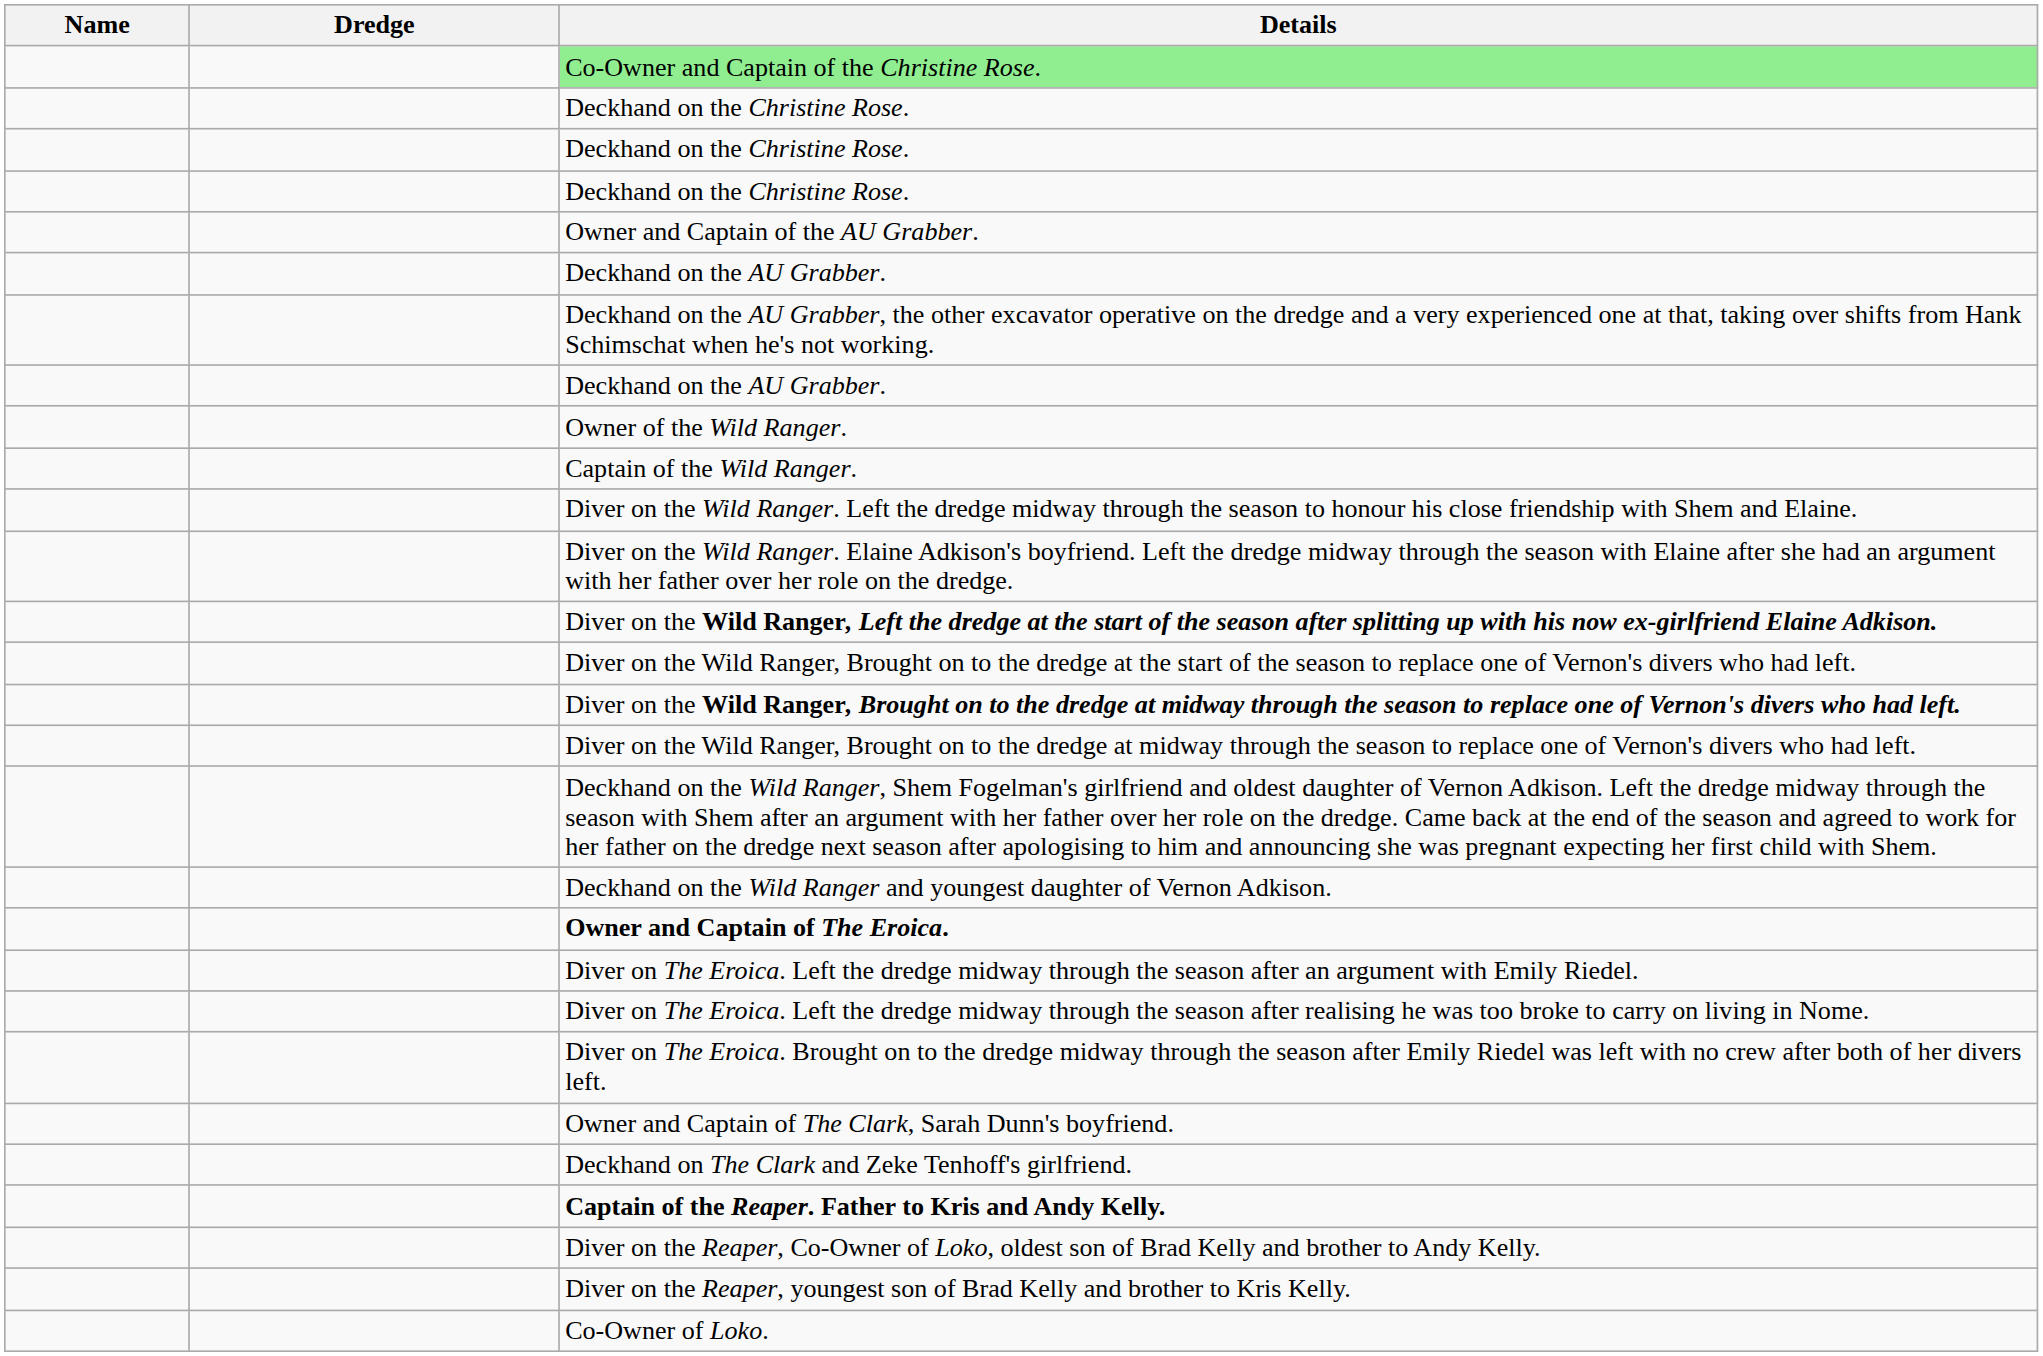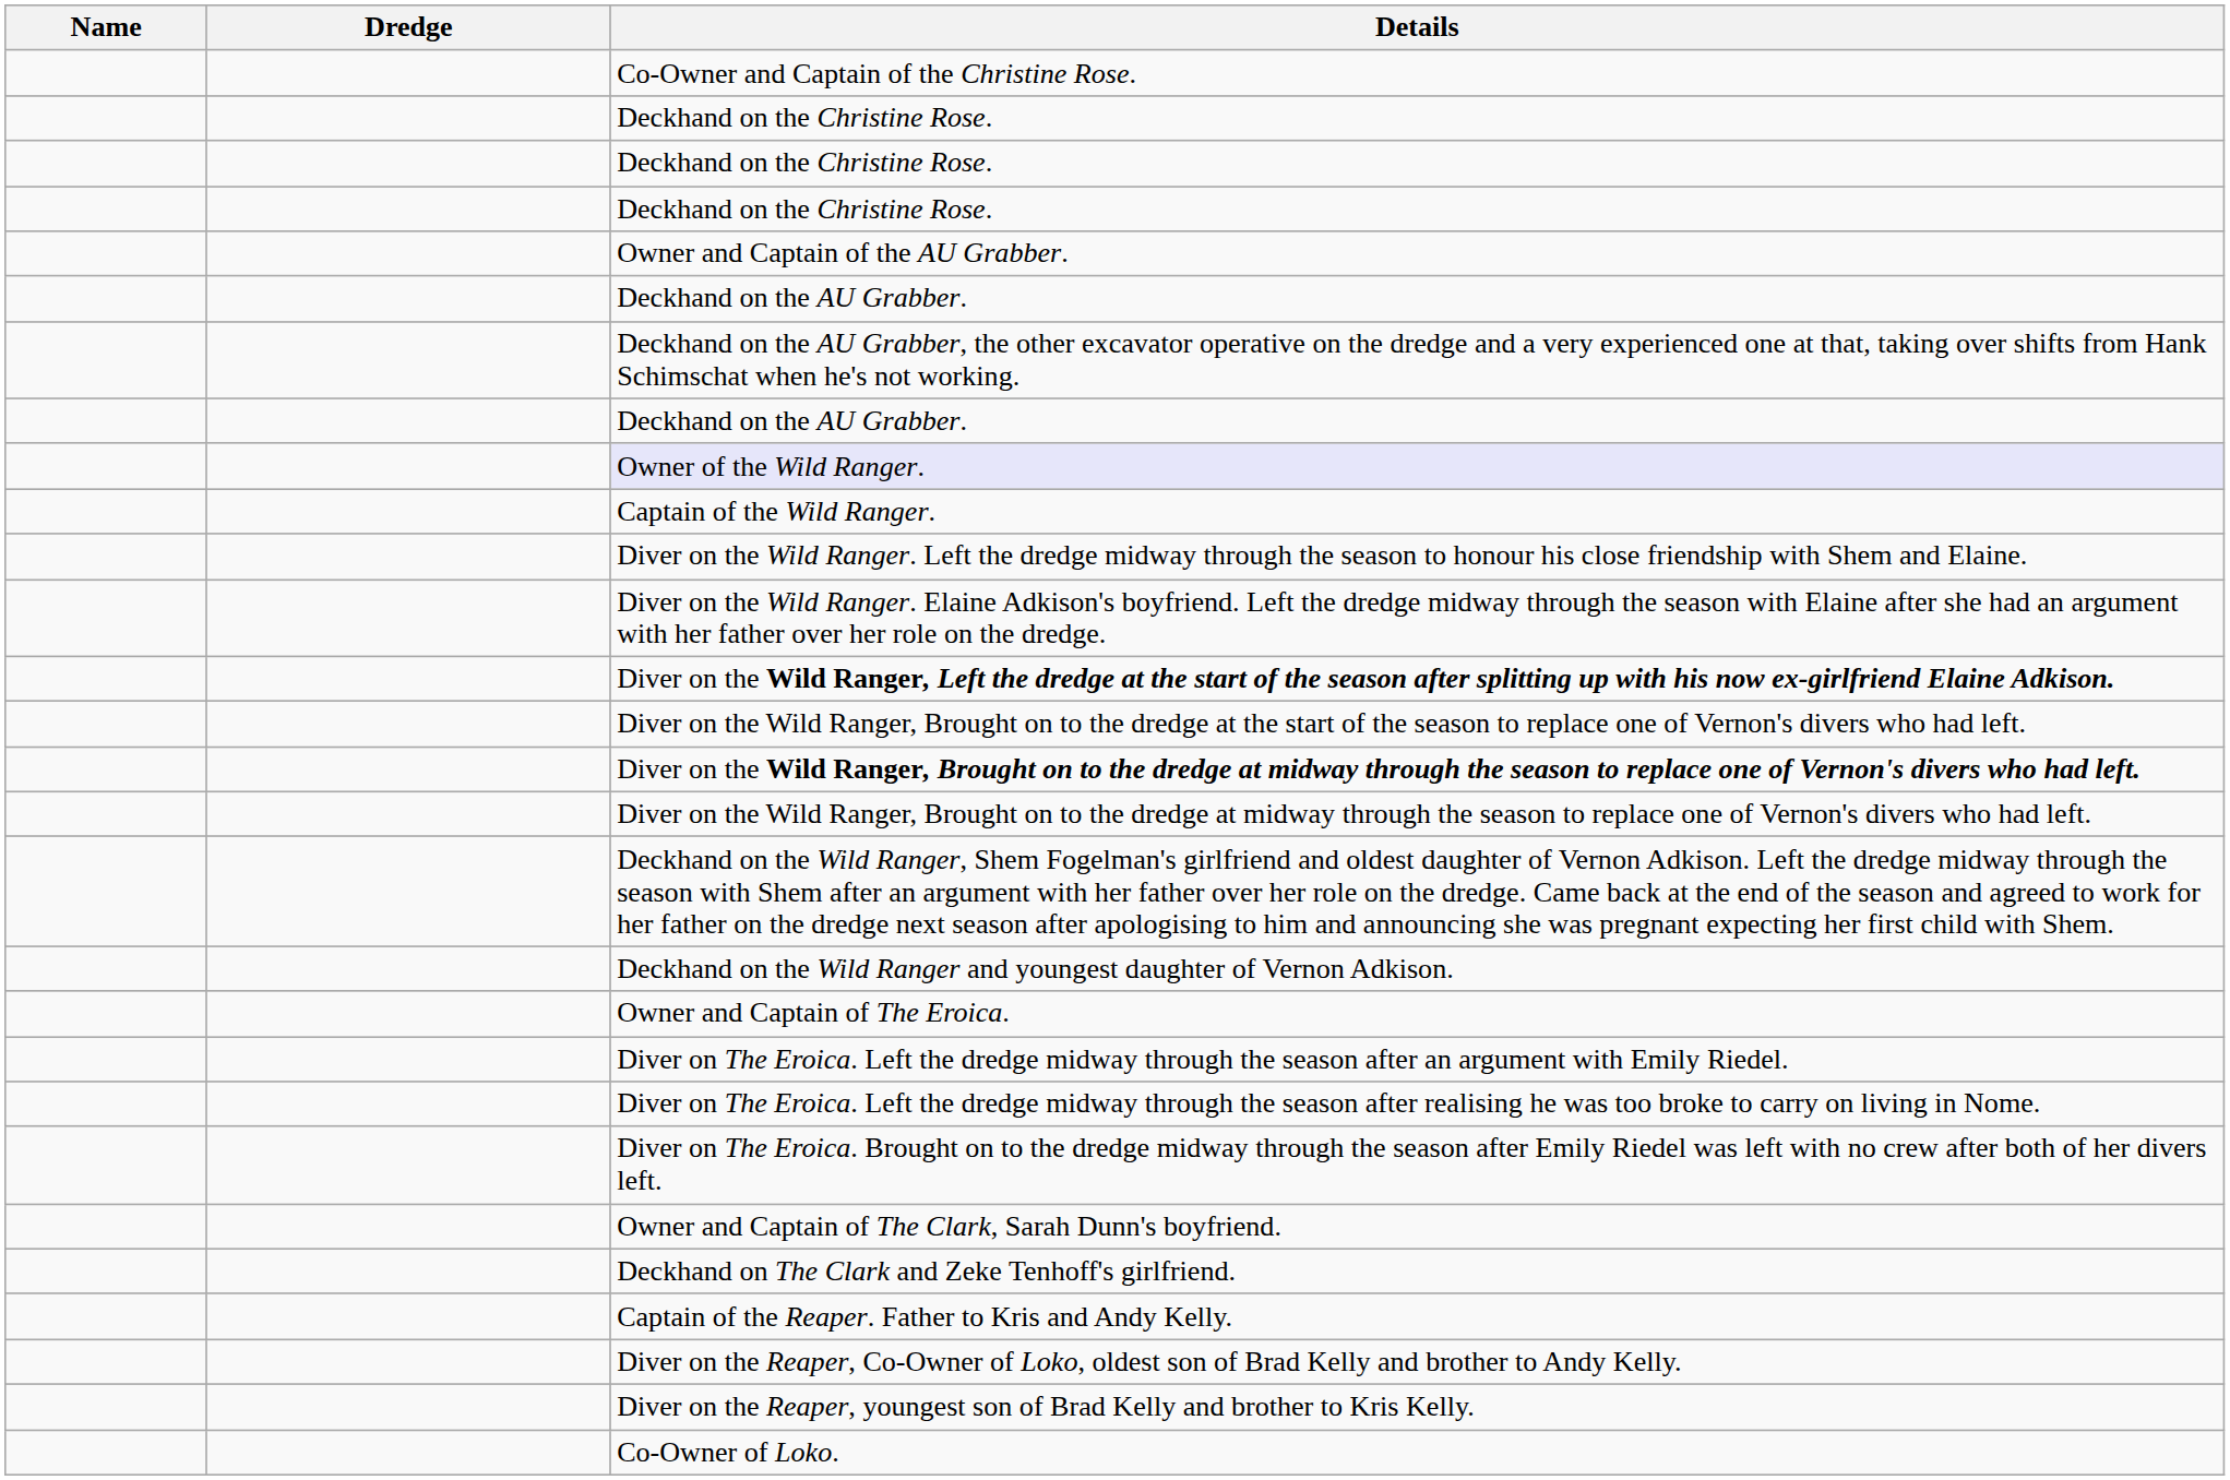 <table class=wikitable>
 <tr>
 <th style="width:5%;">Name</th>
 <th style="width:10%;">Dredge</th>
 <th colspan="12" style="width:40%;">Details</th>
 </tr>
 <tr>
 <td></td>
 <td></td>
-<td style="background: lightgreen;">Co-Owner and Captain of the <em>Christine Rose</em>.</td>
+<td>Co-Owner and Captain of the <em>Christine Rose</em>.</td>
 </tr>
 <tr>
 <td></td>
 <td></td>
 <td>Deckhand on the <em>Christine Rose</em>.</td>
 </tr>
 <tr>
 <td></td>
 <td></td>
 <td>Deckhand on the <em>Christine Rose</em>.</td>
 </tr>
 <tr>
 <td></td>
 <td></td>
 <td>Deckhand on the <em>Christine Rose</em>.</td>
 </tr>
 <tr>
 <td></td>
 <td></td>
 <td>Owner and Captain of the <em>AU Grabber</em>.</td>
 </tr>
 <tr>
 <td></td>
 <td></td>
 <td>Deckhand on the <em>AU Grabber</em>.</td>
 </tr>
 <tr>
 <td></td>
 <td></td>
 <td>Deckhand on the <em>AU Grabber</em>, the other excavator operative on the dredge and a very experienced one at that, taking over shifts from Hank Schimschat when he's not working.</td>
 </tr>
 <tr>
 <td></td>
 <td></td>
 <td>Deckhand on the <em>AU Grabber</em>.</td>
 </tr>
 <tr>
 <td></td>
 <td></td>
-<td>Owner of the <em>Wild Ranger</em>.</td>
+<td style="background: lavender;">Owner of the <em>Wild Ranger</em>.</td>
 </tr>
 <tr>
 <td></td>
 <td></td>
 <td>Captain of the <em>Wild Ranger</em>.</td>
 </tr>
 <tr>
 <td></td>
 <td></td>
 <td>Diver on the <em>Wild Ranger</em>. Left the dredge midway through the season to honour his close friendship with Shem and Elaine.</td>
 </tr>
 <tr>
 <td></td>
 <td></td>
 <td>Diver on the <em>Wild Ranger</em>. Elaine Adkison's boyfriend. Left the dredge midway through the season with Elaine after she had an argument with her father over her role on the dredge.</td>
 </tr>
 <tr>
 <td></td>
 <td></td>
 <td>Diver on the <strong>Wild Ranger<em>, Left the dredge at the start of the season after splitting up with his now ex-girlfriend Elaine Adkison.</td>
 </tr>
 <tr>
 <td></td>
 <td></td>
 <td>Diver on the </strong>Wild Ranger</em>, Brought on to the dredge at the start of the season to replace one of Vernon's divers who had left.</td>
 </tr>
 <tr>
 <td></td>
 <td></td>
 <td>Diver on the <strong>Wild Ranger<em>, Brought on to the dredge at midway through the season to replace one of Vernon's divers who had left.</td>
 </tr>
 <tr>
 <td></td>
 <td></td>
 <td>Diver on the </strong>Wild Ranger</em>, Brought on to the dredge at midway through the season to replace one of Vernon's divers who had left.</td>
 </tr>
 <tr>
 <td></td>
 <td></td>
 <td>Deckhand on the <em>Wild Ranger</em>, Shem Fogelman's girlfriend and oldest daughter of Vernon Adkison. Left the dredge midway through the season with Shem after an argument with her father over her role on the dredge. Came back at the end of the season and agreed to work for her father on the dredge next season after apologising to him and announcing she was pregnant expecting her first child with Shem.</td>
 </tr>
 <tr>
 <td></td>
 <td></td>
 <td>Deckhand on the <em>Wild Ranger</em> and youngest daughter of Vernon Adkison.</td>
 </tr>
 <tr>
 <td></td>
 <td></td>
-<td><strong>Owner and Captain of <em>The Eroica</em>.</strong></td>
+<td>Owner and Captain of <em>The Eroica</em>.</td>
 </tr>
 <tr>
 <td></td>
 <td></td>
 <td>Diver on <em>The Eroica</em>. Left the dredge midway through the season after an argument with Emily Riedel.</td>
 </tr>
 <tr>
 <td></td>
 <td></td>
 <td>Diver on <em>The Eroica</em>. Left the dredge midway through the season after realising he was too broke to carry on living in Nome.</td>
 </tr>
 <tr>
 <td></td>
 <td></td>
 <td>Diver on <em>The Eroica</em>. Brought on to the dredge midway through the season after Emily Riedel was left with no crew after both of her divers left.</td>
 </tr>
 <tr>
 <td></td>
 <td></td>
 <td>Owner and Captain of <em>The Clark</em>, Sarah Dunn's boyfriend.</td>
 </tr>
 <tr>
 <td></td>
 <td></td>
 <td>Deckhand on <em>The Clark</em> and Zeke Tenhoff's girlfriend.</td>
 </tr>
 <tr>
 <td></td>
 <td></td>
-<td><strong>Captain of the <em>Reaper</em>. Father to Kris and Andy Kelly.</strong></td>
+<td>Captain of the <em>Reaper</em>. Father to Kris and Andy Kelly.</td>
 </tr>
 <tr>
 <td></td>
 <td></td>
 <td>Diver on the <em>Reaper</em>, Co-Owner of <em>Loko</em>, oldest son of Brad Kelly and brother to Andy Kelly.</td>
 </tr>
 <tr>
 <td></td>
 <td></td>
 <td>Diver on the <em>Reaper</em>, youngest son of Brad Kelly and brother to Kris Kelly.</td>
 </tr>
 <tr>
 <td></td>
 <td></td>
 <td>Co-Owner of <em>Loko</em>.</td>
 </tr>
 </table>
